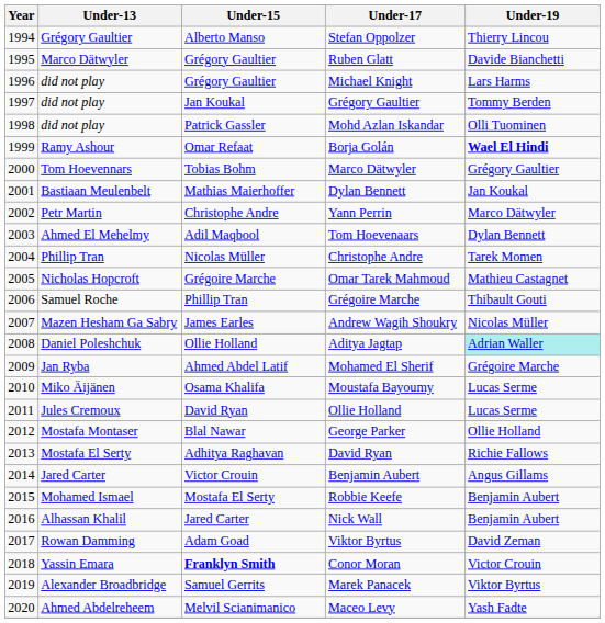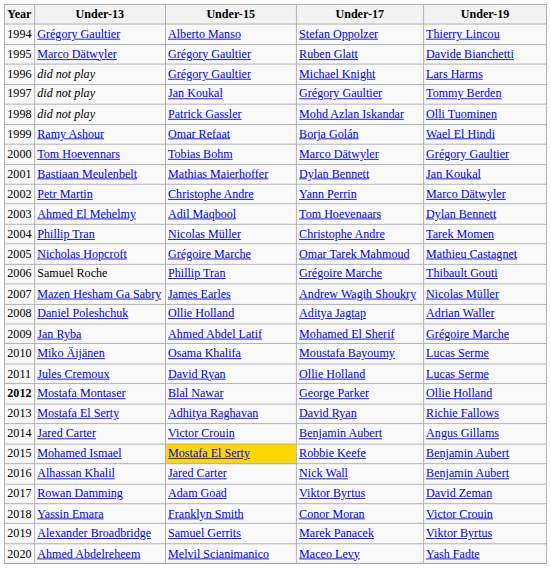 <table class="wikitable sortable" style="font-size: 85%">
 <tr>
 <th>Year</th>
 <th width=200>Under-13</th>
 <th width=200>Under-15</th>
 <th width=200>Under-17</th>
 <th width=200>Under-19</th>
 </tr>
 <tr>
 <td>1994</td>
 <td> <a href='#'>Grégory Gaultier</a></td>
 <td> <a href='#'>Alberto Manso</a></td>
 <td> <a href='#'>Stefan Oppolzer</a></td>
 <td> <a href='#'>Thierry Lincou</a></td>
 </tr>
 <tr>
 <td>1995</td>
 <td> <a href='#'>Marco Dätwyler</a></td>
 <td> <a href='#'>Grégory Gaultier</a></td>
 <td> <a href='#'>Ruben Glatt</a></td>
 <td> <a href='#'>Davide Bianchetti</a></td>
 </tr>
 <tr>
 <td>1996</td>
 <td><em>did not play</em></td>
 <td> <a href='#'>Grégory Gaultier</a></td>
 <td> <a href='#'>Michael Knight</a></td>
 <td> <a href='#'>Lars Harms</a></td>
 </tr>
 <tr>
 <td>1997</td>
 <td><em>did not play</em></td>
 <td> <a href='#'>Jan Koukal</a></td>
 <td> <a href='#'>Grégory Gaultier</a></td>
 <td> <a href='#'>Tommy Berden</a></td>
 </tr>
 <tr>
 <td>1998</td>
 <td><em>did not play</em></td>
 <td> <a href='#'>Patrick Gassler</a></td>
 <td> <a href='#'>Mohd Azlan Iskandar</a></td>
 <td> <a href='#'>Olli Tuominen</a></td>
 </tr>
 <tr>
 <td>1999</td>
 <td> <a href='#'>Ramy Ashour</a></td>
 <td> <a href='#'>Omar Refaat</a></td>
 <td> <a href='#'>Borja Golán</a></td>
-<td><strong> <a href='#'>Wael El Hindi</a></strong></td>
+<td> <a href='#'>Wael El Hindi</a></td>
 </tr>
 <tr>
 <td>2000</td>
 <td> <a href='#'>Tom Hoevennars</a></td>
 <td> <a href='#'>Tobias Bohm</a></td>
 <td> <a href='#'>Marco Dätwyler</a></td>
 <td> <a href='#'>Grégory Gaultier</a></td>
 </tr>
 <tr>
 <td>2001</td>
 <td> <a href='#'>Bastiaan Meulenbelt</a></td>
 <td> <a href='#'>Mathias Maierhoffer</a></td>
 <td> <a href='#'>Dylan Bennett</a></td>
 <td> <a href='#'>Jan Koukal</a></td>
 </tr>
 <tr>
 <td>2002</td>
 <td> <a href='#'>Petr Martin</a></td>
 <td> <a href='#'>Christophe Andre</a></td>
 <td> <a href='#'>Yann Perrin</a></td>
 <td> <a href='#'>Marco Dätwyler</a></td>
 </tr>
 <tr>
 <td>2003</td>
 <td> <a href='#'>Ahmed El Mehelmy</a></td>
 <td> <a href='#'>Adil Maqbool</a></td>
 <td> <a href='#'>Tom Hoevenaars</a></td>
 <td> <a href='#'>Dylan Bennett</a></td>
 </tr>
 <tr>
 <td>2004</td>
 <td> <a href='#'>Phillip Tran</a></td>
 <td> <a href='#'>Nicolas Müller</a></td>
 <td> <a href='#'>Christophe Andre</a></td>
 <td> <a href='#'>Tarek Momen</a></td>
 </tr>
 <tr>
 <td>2005</td>
 <td> <a href='#'>Nicholas Hopcroft</a></td>
 <td> <a href='#'>Grégoire Marche</a></td>
 <td> <a href='#'>Omar Tarek Mahmoud</a></td>
 <td> <a href='#'>Mathieu Castagnet</a></td>
 </tr>
 <tr>
 <td>2006</td>
 <td> Samuel Roche</td>
 <td> <a href='#'>Phillip Tran</a></td>
 <td> <a href='#'>Grégoire Marche</a></td>
 <td> <a href='#'>Thibault Gouti</a></td>
 </tr>
 <tr>
 <td>2007</td>
 <td> <a href='#'>Mazen Hesham Ga Sabry</a></td>
 <td> <a href='#'>James Earles</a></td>
 <td> <a href='#'>Andrew Wagih Shoukry</a></td>
 <td> <a href='#'>Nicolas Müller</a></td>
 </tr>
 <tr>
 <td>2008</td>
 <td> <a href='#'>Daniel Poleshchuk</a></td>
 <td> <a href='#'>Ollie Holland</a></td>
 <td> <a href='#'>Aditya Jagtap</a></td>
-<td style="background: paleturquoise;"> <a href='#'>Adrian Waller</a></td>
+<td> <a href='#'>Adrian Waller</a></td>
 </tr>
 <tr>
 <td>2009</td>
 <td> <a href='#'>Jan Ryba</a></td>
 <td> <a href='#'>Ahmed Abdel Latif</a></td>
 <td> <a href='#'>Mohamed El Sherif</a></td>
 <td> <a href='#'>Grégoire Marche</a></td>
 </tr>
 <tr>
 <td>2010</td>
 <td> <a href='#'>Miko Äijänen</a></td>
 <td> <a href='#'>Osama Khalifa</a></td>
 <td> <a href='#'>Moustafa Bayoumy</a></td>
 <td> <a href='#'>Lucas Serme</a></td>
 </tr>
 <tr>
 <td>2011</td>
 <td> <a href='#'>Jules Cremoux</a></td>
 <td> <a href='#'>David Ryan</a></td>
 <td> <a href='#'>Ollie Holland</a></td>
 <td> <a href='#'>Lucas Serme</a></td>
 </tr>
 <tr>
-<td>2012</td>
+<td><strong>2012</strong></td>
 <td> <a href='#'>Mostafa Montaser</a></td>
 <td> <a href='#'>Blal Nawar</a></td>
 <td> <a href='#'>George Parker</a></td>
 <td> <a href='#'>Ollie Holland</a></td>
 </tr>
 <tr>
 <td>2013</td>
 <td> <a href='#'>Mostafa El Serty</a></td>
 <td> <a href='#'>Adhitya Raghavan</a></td>
 <td> <a href='#'>David Ryan</a></td>
 <td> <a href='#'>Richie Fallows</a></td>
 </tr>
 <tr>
 <td>2014</td>
 <td> <a href='#'>Jared Carter</a></td>
 <td> <a href='#'>Victor Crouin</a></td>
 <td> <a href='#'>Benjamin Aubert</a></td>
 <td> <a href='#'>Angus Gillams</a></td>
 </tr>
 <tr>
 <td>2015</td>
 <td> <a href='#'>Mohamed Ismael</a></td>
-<td> <a href='#'>Mostafa El Serty</a></td>
+<td style="background: gold;"> <a href='#'>Mostafa El Serty</a></td>
 <td> <a href='#'>Robbie Keefe</a></td>
 <td> <a href='#'>Benjamin Aubert</a></td>
 </tr>
 <tr>
 <td>2016</td>
 <td> <a href='#'>Alhassan Khalil</a></td>
 <td> <a href='#'>Jared Carter</a></td>
 <td> <a href='#'>Nick Wall</a></td>
 <td> <a href='#'>Benjamin Aubert</a></td>
 </tr>
 <tr>
 <td>2017</td>
 <td> <a href='#'>Rowan Damming</a></td>
 <td> <a href='#'>Adam Goad</a></td>
 <td> <a href='#'>Viktor Byrtus</a></td>
 <td> <a href='#'>David Zeman</a></td>
 </tr>
 <tr>
 <td>2018</td>
 <td> <a href='#'>Yassin Emara</a></td>
-<td><strong> <a href='#'>Franklyn Smith</a></strong></td>
+<td> <a href='#'>Franklyn Smith</a></td>
 <td> <a href='#'>Conor Moran</a></td>
 <td> <a href='#'>Victor Crouin</a></td>
 </tr>
 <tr>
 <td>2019</td>
 <td> <a href='#'>Alexander Broadbridge</a></td>
 <td> <a href='#'>Samuel Gerrits</a></td>
 <td> <a href='#'>Marek Panacek</a></td>
 <td> <a href='#'>Viktor Byrtus</a></td>
 </tr>
 <tr>
 <td>2020</td>
 <td> <a href='#'>Ahmed Abdelreheem</a></td>
 <td> <a href='#'>Melvil Scianimanico</a></td>
 <td> <a href='#'>Maceo Levy</a></td>
 <td> <a href='#'>Yash Fadte</a></td>
 </tr>
 <tr>
 </tr>
 </table>
